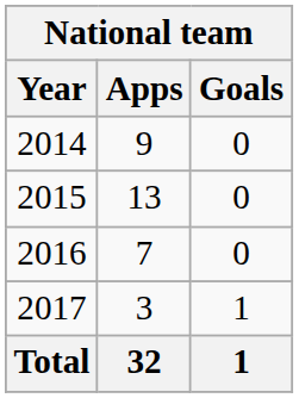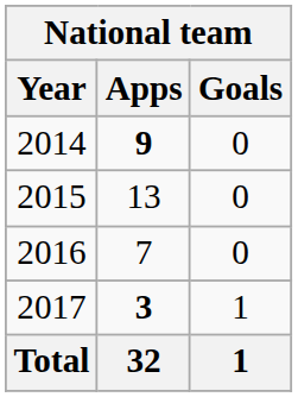 <table class="wikitable" style="text-align:center">
 <tr>
 <th colspan=3>National team</th>
 </tr>
 <tr>
 <th>Year</th>
 <th>Apps</th>
 <th>Goals</th>
 </tr>
 <tr>
 <td>2014</td>
-<td>9</td>
+<td><strong>9</strong></td>
 <td>0</td>
 </tr>
 <tr>
 <td>2015</td>
 <td>13</td>
 <td>0</td>
 </tr>
 <tr>
 <td>2016</td>
 <td>7</td>
 <td>0</td>
 </tr>
 <tr>
 <td>2017</td>
-<td>3</td>
+<td><strong>3</strong></td>
 <td>1</td>
 </tr>
 <tr>
 <th>Total</th>
 <th>32</th>
 <th>1</th>
 </tr>
 </table>
